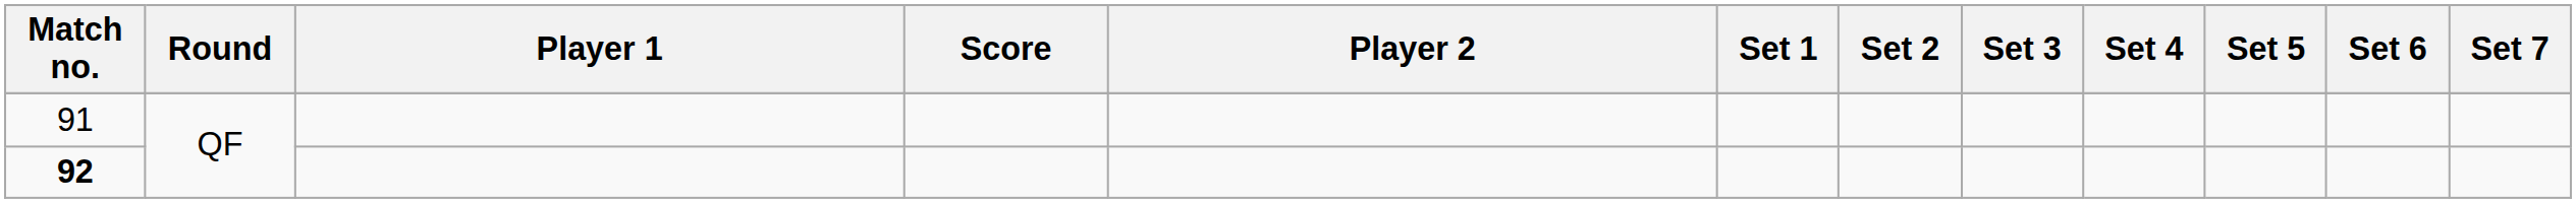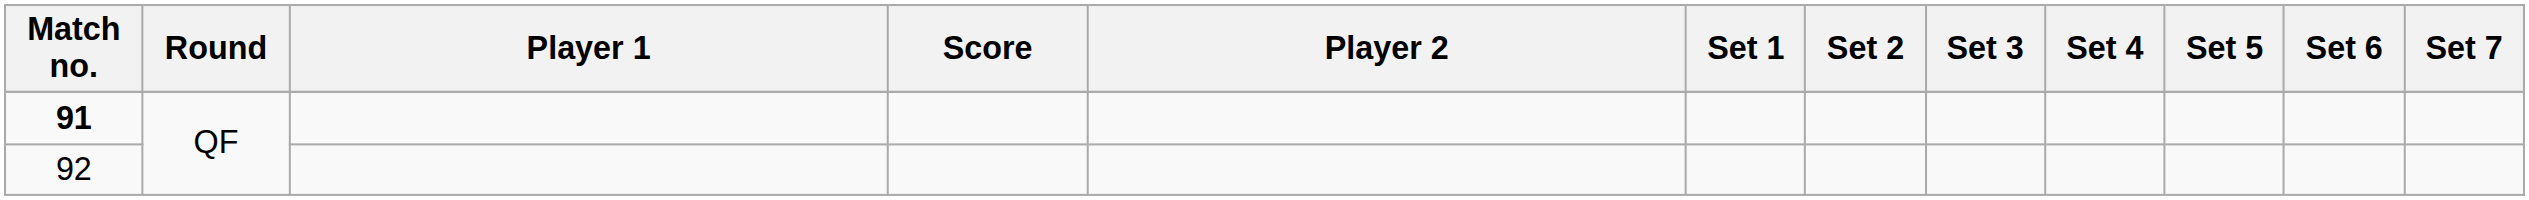 <table class="wikitable" style="text-align: center;">
 <tr>
 <th width="2%">Match no.</th>
 <th width="2%">Round</th>
 <th width="15%">Player 1</th>
 <th width="5%">Score</th>
 <th width="15%">Player 2</th>
 <th width="3%">Set 1</th>
 <th width="3%">Set 2</th>
 <th width="3%">Set 3</th>
 <th width="3%">Set 4</th>
 <th width="3%">Set 5</th>
 <th width="3%">Set 6</th>
 <th width="3%">Set 7</th>
 </tr>
 <tr>
 </tr>
 <tr style=text-align:center;>
-<td>91</td>
+<td><strong>91</strong></td>
 <td rowspan=2>QF</td>
 <td></td>
 <td></td>
 <td></td>
 <td></td>
 <td></td>
 <td></td>
 <td></td>
 <td></td>
 <td></td>
 <td></td>
 </tr>
 <tr style=text-align:center;>
-<td><strong>92</strong></td>
+<td>92</td>
 <td></td>
 <td></td>
 <td></td>
 <td></td>
 <td></td>
 <td></td>
 <td></td>
 <td></td>
 <td></td>
 <td></td>
 </tr>
 </table>
